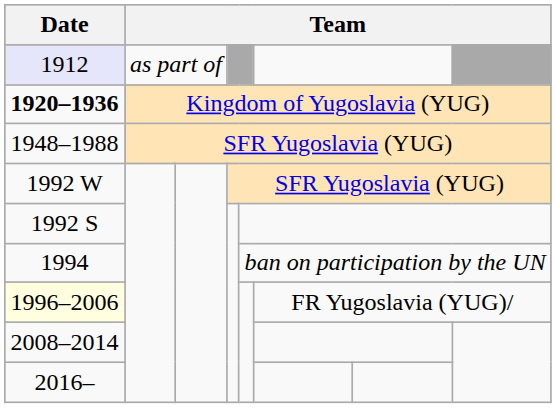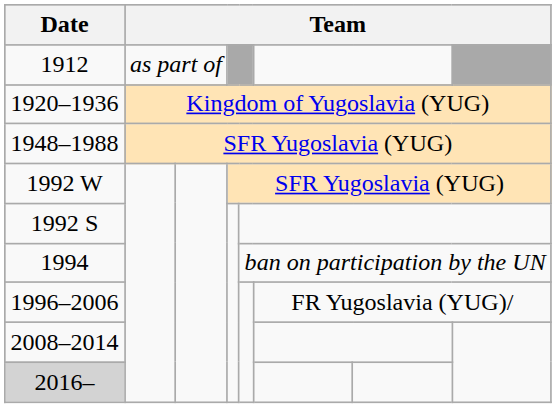 <table class="wikitable" style="text-align:center; font-size:90%;">
 <tr>
 <th>Date</th>
 <th colspan=7>Team</th>
 </tr>
 <tr>
-<td style="background: lavender;">1912</td>
+<td>1912</td>
 <td colspan=2><em>as part of </em></td>
 <td colspan=2 style="background:darkgray"></td>
 <td colspan=2></td>
 <td style="background:darkgray"></td>
 </tr>
 <tr>
-<td><strong>1920–1936</strong></td>
+<td>1920–1936</td>
 <td colspan=7 style="background:moccasin"> <a href='#'>Kingdom of Yugoslavia</a> (YUG)</td>
 </tr>
 <tr>
 <td>1948–1988</td>
 <td colspan=7 style="background:moccasin"> <a href='#'>SFR Yugoslavia</a> (YUG)</td>
 </tr>
 <tr>
 <td>1992 W</td>
 <td rowspan=6></td>
 <td rowspan=6></td>
 <td colspan=5 style="background:moccasin"> <a href='#'>SFR Yugoslavia</a> (YUG)</td>
 </tr>
 <tr>
 <td>1992 S</td>
 <td rowspan=5></td>
 <td colspan=4></td>
 </tr>
 <tr>
 <td>1994</td>
 <td colspan=4><em>ban on participation by the UN</em></td>
 </tr>
 <tr>
-<td style="background: lightyellow;">1996–2006</td>
+<td>1996–2006</td>
 <td rowspan=3></td>
 <td colspan=3> FR Yugoslavia (YUG)/<br></td>
 </tr>
 <tr>
 <td>2008–2014</td>
 <td colspan=2></td>
 <td rowspan=2></td>
 </tr>
 <tr>
-<td>2016–</td>
+<td style="background: lightgrey;">2016–</td>
 <td rowspan=1></td>
 <td rowspan=1></td>
 </tr>
 </table>
